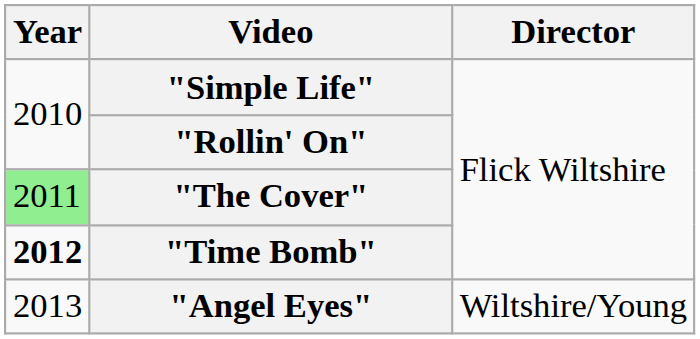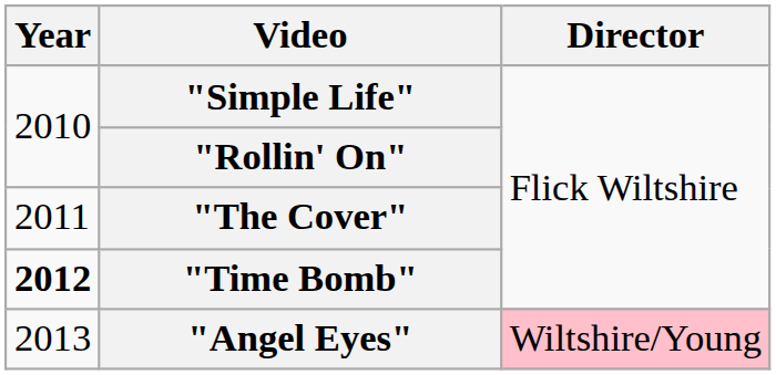 <table class="wikitable plainrowheaders">
 <tr>
 <th>Year</th>
 <th style="width:10em;">Video</th>
 <th>Director</th>
 </tr>
 <tr>
 <td rowspan="2">2010</td>
 <th scope="row">"Simple Life"</th>
 <td rowspan="4">Flick Wiltshire</td>
 </tr>
 <tr>
 <th scope="row">"Rollin' On"</th>
 </tr>
 <tr>
-<td style="background: lightgreen;">2011</td>
+<td>2011</td>
 <th scope="row">"The Cover"</th>
 </tr>
 <tr>
 <td><strong>2012</strong></td>
 <th scope="row">"Time Bomb"</th>
 </tr>
 <tr>
 <td>2013</td>
 <th scope="row">"Angel Eyes"</th>
-<td>Wiltshire/Young</td>
+<td style="background: pink;">Wiltshire/Young</td>
 </tr>
 </table>
